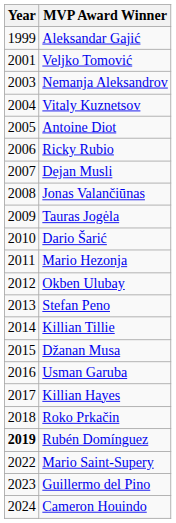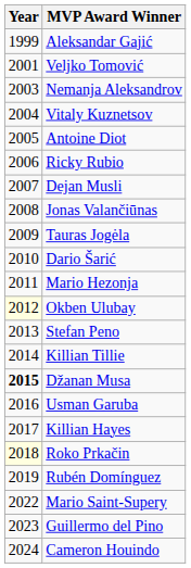 <table class=wikitable>
 <tr>
 <th>Year</th>
 <th>MVP Award Winner</th>
 </tr>
 <tr>
 <td>1999</td>
 <td> <a href='#'>Aleksandar Gajić</a></td>
 </tr>
 <tr>
 <td>2001</td>
 <td> <a href='#'>Veljko Tomović</a></td>
 </tr>
 <tr>
 <td>2003</td>
 <td> <a href='#'>Nemanja Aleksandrov</a></td>
 </tr>
 <tr>
 <td>2004</td>
 <td> <a href='#'>Vitaly Kuznetsov</a></td>
 </tr>
 <tr>
 <td>2005</td>
 <td> <a href='#'>Antoine Diot</a></td>
 </tr>
 <tr>
 <td>2006</td>
 <td> <a href='#'>Ricky Rubio</a></td>
 </tr>
 <tr>
 <td>2007</td>
 <td> <a href='#'>Dejan Musli</a></td>
 </tr>
 <tr>
 <td>2008</td>
 <td> <a href='#'>Jonas Valančiūnas</a></td>
 </tr>
 <tr>
 <td>2009</td>
 <td> <a href='#'>Tauras Jogėla</a></td>
 </tr>
 <tr>
 <td>2010</td>
 <td> <a href='#'>Dario Šarić</a></td>
 </tr>
 <tr>
 <td>2011</td>
 <td> <a href='#'>Mario Hezonja</a></td>
 </tr>
 <tr>
-<td>2012</td>
+<td style="background: lightyellow;">2012</td>
 <td> <a href='#'>Okben Ulubay</a></td>
 </tr>
 <tr>
 <td>2013</td>
 <td> <a href='#'>Stefan Peno</a></td>
 </tr>
 <tr>
 <td>2014</td>
 <td> <a href='#'>Killian Tillie</a></td>
 </tr>
 <tr>
-<td>2015</td>
+<td><strong>2015</strong></td>
 <td> <a href='#'>Džanan Musa</a></td>
 </tr>
 <tr>
 <td>2016</td>
 <td> <a href='#'>Usman Garuba</a></td>
 </tr>
 <tr>
 <td>2017</td>
 <td> <a href='#'>Killian Hayes</a></td>
 </tr>
 <tr>
-<td>2018</td>
+<td style="background: lightyellow;">2018</td>
 <td> <a href='#'>Roko Prkačin</a></td>
 </tr>
 <tr>
-<td><strong>2019</strong></td>
+<td>2019</td>
 <td> <a href='#'>Rubén Domínguez</a></td>
 </tr>
 <tr>
 <td>2022</td>
 <td> <a href='#'>Mario Saint-Supery</a></td>
 </tr>
 <tr>
 <td>2023</td>
 <td> <a href='#'>Guillermo del Pino</a></td>
 </tr>
 <tr>
 <td>2024</td>
 <td> <a href='#'>Cameron Houindo</a></td>
 </tr>
 </table>
